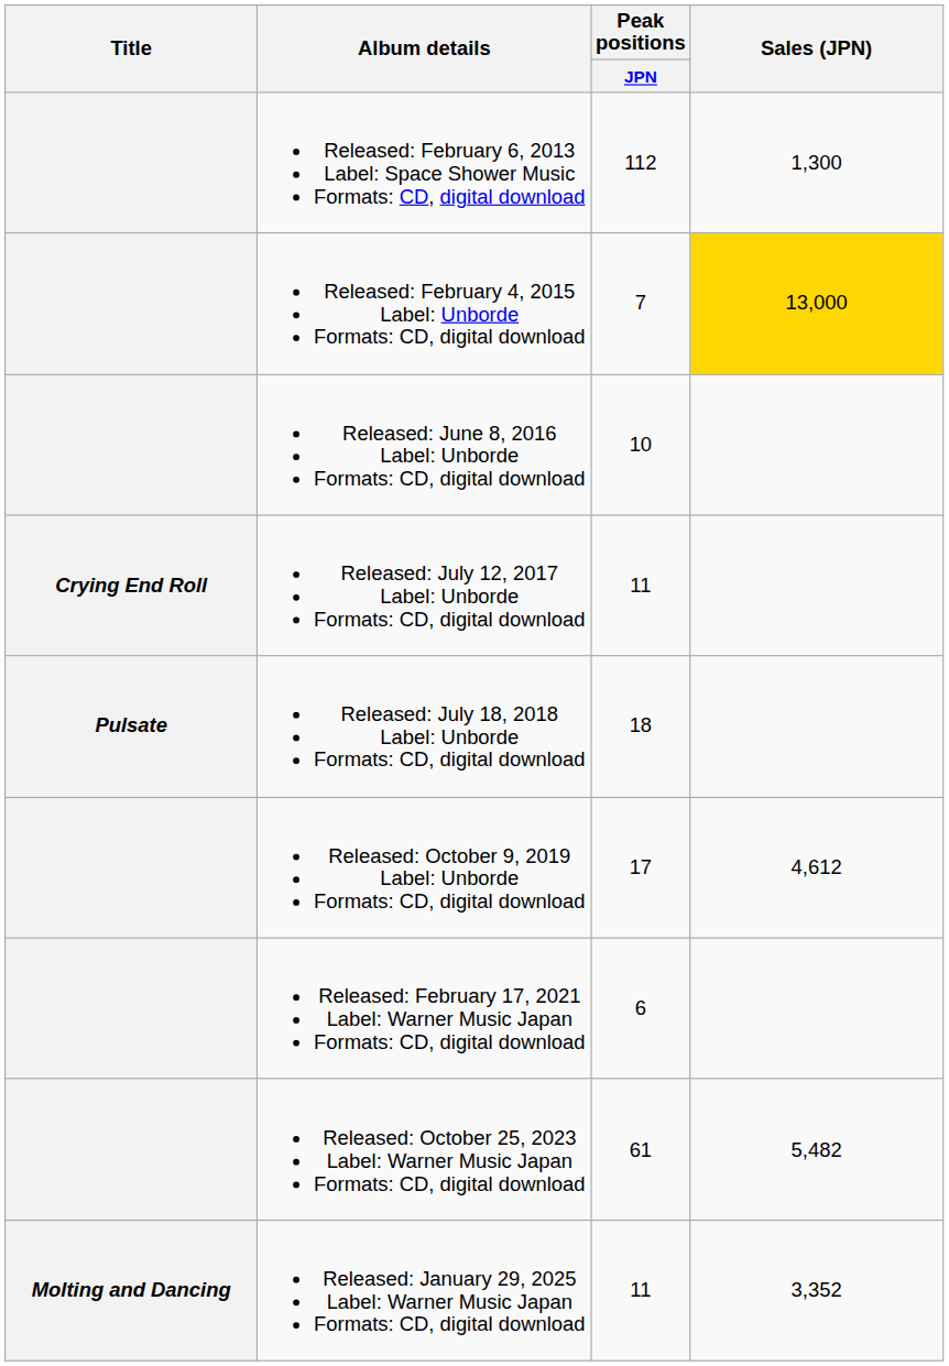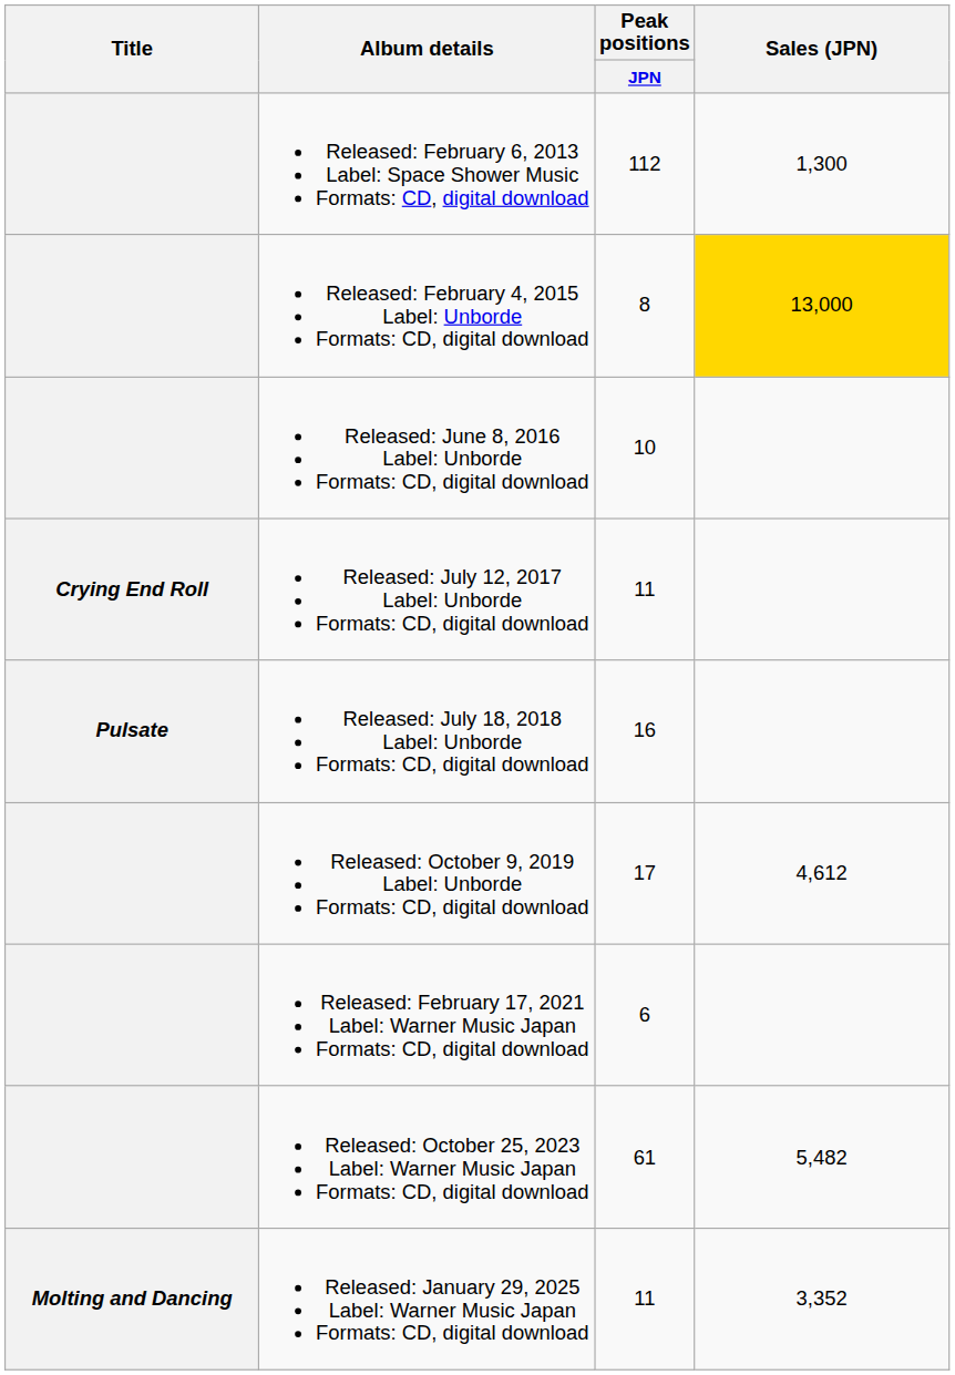 <table class="wikitable plainrowheaders" style="text-align:center;">
 <tr>
 <th style="width:12em;" rowspan="2">Title</th>
 <th style="width:16em;" rowspan="2">Album details</th>
 <th colspan="1">Peak positions</th>
 <th style="width:12em;" rowspan="2">Sales (JPN)</th>
 </tr>
 <tr>
 <th style="width:2.5em;"><small><a href='#'>JPN</a></small><br></th>
 </tr>
 <tr>
 <th scope="row"></th>
 <td><br><ul><li>Released: February 6, 2013 </li><li>Label: Space Shower Music</li><li>Formats: <a href='#'>CD</a>, <a href='#'>digital download</a></li></ul></td>
 <td>112</td>
 <td>1,300</td>
 </tr>
 <tr>
 <th scope="row"></th>
 <td><br><ul><li>Released: February 4, 2015 </li><li>Label: <a href='#'>Unborde</a></li><li>Formats: CD, digital download</li></ul></td>
-<td>7</td>
+<td>8</td>
 <td style="background: gold;">13,000</td>
 </tr>
 <tr>
 <th scope="row"></th>
 <td><br><ul><li>Released: June 8, 2016 </li><li>Label: Unborde</li><li>Formats: CD, digital download</li></ul></td>
 <td>10</td>
 <td></td>
 </tr>
 <tr>
 <th scope="row"><em>Crying End Roll</em></th>
 <td><br><ul><li>Released: July 12, 2017 </li><li>Label: Unborde</li><li>Formats: CD, digital download</li></ul></td>
 <td>11</td>
 <td></td>
 </tr>
 <tr>
 <th scope="row"><em>Pulsate</em></th>
 <td><br><ul><li>Released: July 18, 2018 </li><li>Label: Unborde</li><li>Formats: CD, digital download</li></ul></td>
-<td>18</td>
+<td>16</td>
 <td></td>
 </tr>
 <tr>
 <th scope="row"></th>
 <td><br><ul><li>Released: October 9, 2019 </li><li>Label: Unborde</li><li>Formats: CD, digital download</li></ul></td>
 <td>17</td>
 <td>4,612</td>
 </tr>
 <tr>
 <th scope="row"></th>
 <td><br><ul><li>Released: February 17, 2021 </li><li>Label: Warner Music Japan</li><li>Formats: CD, digital download</li></ul></td>
 <td>6</td>
 <td></td>
 </tr>
 <tr>
 <th scope="row"></th>
 <td><br><ul><li>Released: October 25, 2023 </li><li>Label: Warner Music Japan</li><li>Formats: CD, digital download</li></ul></td>
 <td>61</td>
 <td>5,482</td>
 </tr>
 <tr>
 <th scope="row"><em>Molting and Dancing</em></th>
 <td><br><ul><li>Released: January 29, 2025 </li><li>Label: Warner Music Japan</li><li>Formats: CD, digital download</li></ul></td>
 <td>11</td>
 <td>3,352</td>
 </tr>
 </table>
